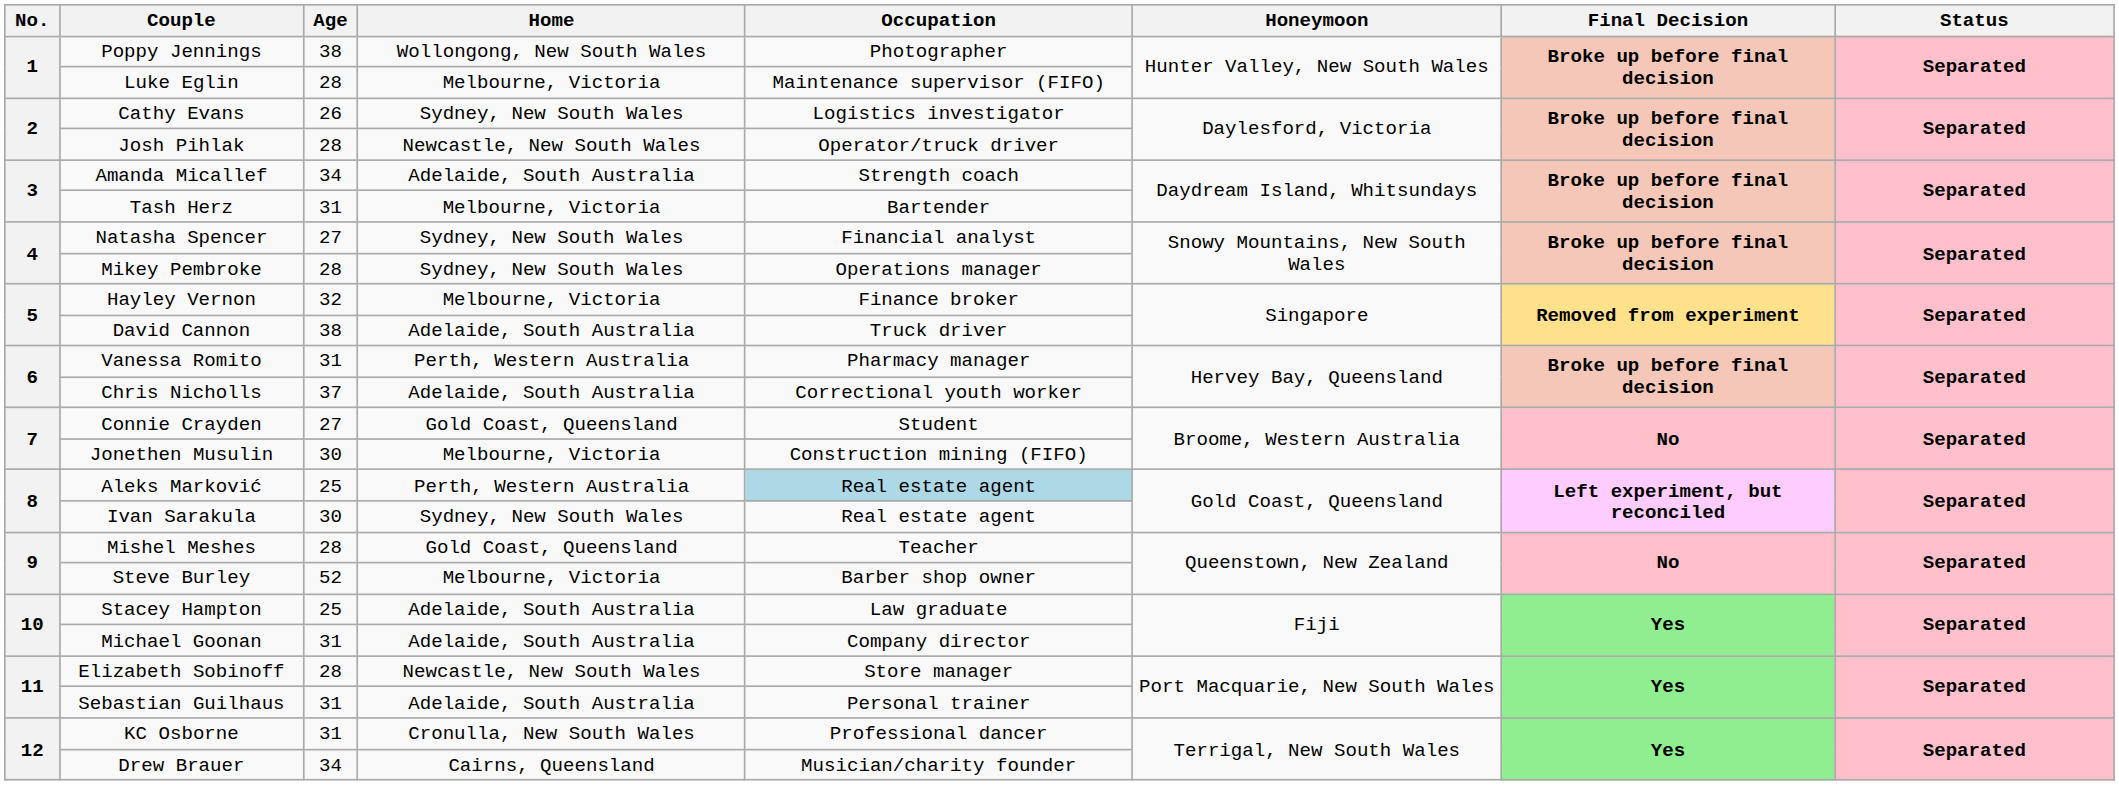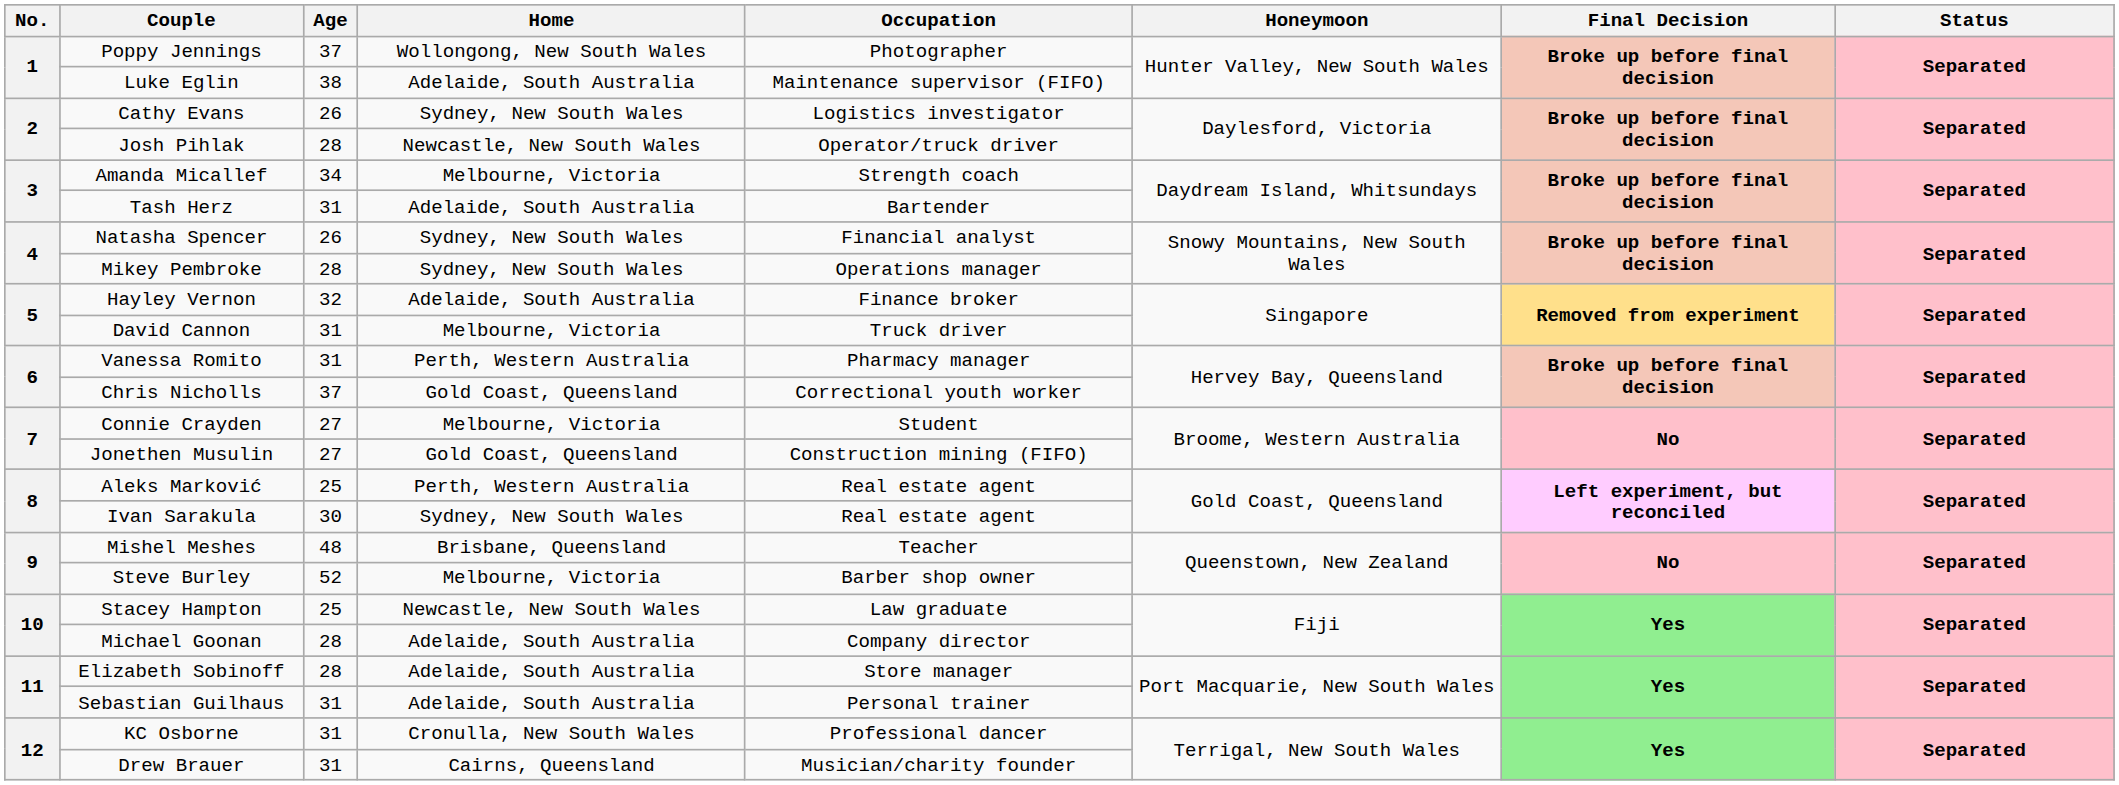 <table class="wikitable plainrowheaders" style="text-align:center; width:100%; font-size:88%;">
 <tr>
 <th width=25>No.</th>
 <th width=130>Couple</th>
 <th width=25>Age</th>
 <th width=210>Home</th>
 <th width=210>Occupation</th>
 <th width=200>Honeymoon</th>
 <th width=180>Final Decision</th>
 <th width=150>Status</th>
 </tr>
 <tr>
 <th rowspan="2">1</th>
 <td>Poppy Jennings</td>
-<td>38</td>
+<td>37</td>
 <td>Wollongong, New South Wales</td>
 <td>Photographer</td>
 <td rowspan="2">Hunter Valley, New South Wales</td>
 <th rowspan="2" style="background:#f4c7b8;">Broke up before final decision</th>
 <th rowspan="2" style="background:pink;">Separated</th>
 </tr>
 <tr>
 <td>Luke Eglin</td>
-<td>28</td>
-<td>Melbourne, Victoria</td>
+<td>38</td>
+<td>Adelaide, South Australia</td>
 <td>Maintenance supervisor (FIFO)</td>
 </tr>
 <tr>
 <th rowspan="2">2</th>
 <td>Cathy Evans</td>
 <td>26</td>
 <td>Sydney, New South Wales</td>
 <td>Logistics investigator</td>
 <td rowspan="2">Daylesford, Victoria</td>
 <th rowspan="2" style="background:#f4c7b8;">Broke up before final decision</th>
 <th rowspan="2" style="background:pink;">Separated</th>
 </tr>
 <tr>
 <td>Josh Pihlak</td>
 <td>28</td>
 <td>Newcastle, New South Wales</td>
 <td>Operator/truck driver</td>
 </tr>
 <tr>
 <th rowspan="2">3</th>
 <td>Amanda Micallef</td>
 <td>34</td>
-<td>Adelaide, South Australia</td>
+<td>Melbourne, Victoria</td>
 <td>Strength coach</td>
 <td rowspan="2">Daydream Island, Whitsundays</td>
 <th rowspan="2" style="background:#f4c7b8;">Broke up before final decision</th>
 <th rowspan="2" style="background:pink;">Separated</th>
 </tr>
 <tr>
 <td>Tash Herz</td>
 <td>31</td>
-<td>Melbourne, Victoria</td>
+<td>Adelaide, South Australia</td>
 <td>Bartender</td>
 </tr>
 <tr>
 <th rowspan="2">4</th>
 <td>Natasha Spencer</td>
-<td>27</td>
+<td>26</td>
 <td>Sydney, New South Wales</td>
 <td>Financial analyst</td>
 <td rowspan="2">Snowy Mountains, New South Wales</td>
 <th rowspan="2" style="background:#f4c7b8;">Broke up before final decision</th>
 <th rowspan="2" style="background:pink;">Separated</th>
 </tr>
 <tr>
 <td>Mikey Pembroke</td>
 <td>28</td>
 <td>Sydney, New South Wales</td>
 <td>Operations manager</td>
 </tr>
 <tr>
 <th rowspan="2">5</th>
 <td>Hayley Vernon</td>
 <td>32</td>
-<td>Melbourne, Victoria</td>
+<td>Adelaide, South Australia</td>
 <td>Finance broker</td>
 <td rowspan="2">Singapore</td>
 <th rowspan="2" style="background:#ffe08b;">Removed from experiment</th>
 <th rowspan="2" style="background:pink;">Separated</th>
 </tr>
 <tr>
 <td>David Cannon</td>
-<td>38</td>
-<td>Adelaide, South Australia</td>
+<td>31</td>
+<td>Melbourne, Victoria</td>
 <td>Truck driver</td>
 </tr>
 <tr>
 <th rowspan="2">6</th>
 <td>Vanessa Romito</td>
 <td>31</td>
 <td>Perth, Western Australia</td>
 <td>Pharmacy manager</td>
 <td rowspan="2">Hervey Bay, Queensland</td>
 <th rowspan="2" style="background:#f4c7b8;">Broke up before final decision</th>
 <th rowspan="2" style="background:pink;">Separated</th>
 </tr>
 <tr>
 <td>Chris Nicholls</td>
 <td>37</td>
-<td>Adelaide, South Australia</td>
+<td>Gold Coast, Queensland</td>
 <td>Correctional youth worker</td>
 </tr>
 <tr>
 <th rowspan="2">7</th>
 <td>Connie Crayden</td>
 <td>27</td>
-<td>Gold Coast, Queensland</td>
+<td>Melbourne, Victoria</td>
 <td>Student</td>
 <td rowspan="2">Broome, Western Australia</td>
 <th rowspan="2" style="background:pink;">No</th>
 <th rowspan="2" style="background:pink;">Separated</th>
 </tr>
 <tr>
 <td>Jonethen Musulin</td>
-<td>30</td>
-<td>Melbourne, Victoria</td>
+<td>27</td>
+<td>Gold Coast, Queensland</td>
 <td>Construction mining (FIFO)</td>
 </tr>
 <tr>
 <th rowspan="2">8</th>
 <td>Aleks Marković</td>
 <td>25</td>
 <td>Perth, Western Australia</td>
-<td style="background: lightblue;">Real estate agent</td>
+<td>Real estate agent</td>
 <td rowspan="2">Gold Coast, Queensland</td>
 <th rowspan="2" style="background:#fcf;">Left experiment, but reconciled</th>
 <th rowspan="2" style="background:pink;">Separated</th>
 </tr>
 <tr>
 <td>Ivan Sarakula</td>
 <td>30</td>
 <td>Sydney, New South Wales</td>
 <td>Real estate agent</td>
 </tr>
 <tr>
 <th rowspan="2">9</th>
 <td>Mishel Meshes</td>
-<td>28</td>
-<td>Gold Coast, Queensland</td>
+<td>48</td>
+<td>Brisbane, Queensland</td>
 <td>Teacher</td>
 <td rowspan="2">Queenstown, New Zealand</td>
 <th rowspan="2" style="background:pink;">No</th>
 <th rowspan="2" style="background:pink;">Separated</th>
 </tr>
 <tr>
 <td>Steve Burley</td>
 <td>52</td>
 <td>Melbourne, Victoria</td>
 <td>Barber shop owner</td>
 </tr>
 <tr>
 <th rowspan="2">10</th>
 <td>Stacey Hampton</td>
 <td>25</td>
-<td>Adelaide, South Australia</td>
+<td>Newcastle, New South Wales</td>
 <td>Law graduate</td>
 <td rowspan="2">Fiji</td>
 <th rowspan="2" style="background:lightgreen">Yes</th>
 <th rowspan="2" style="background:pink;">Separated</th>
 </tr>
 <tr>
 <td>Michael Goonan</td>
-<td>31</td>
+<td>28</td>
 <td>Adelaide, South Australia</td>
 <td>Company director</td>
 </tr>
 <tr>
 <th rowspan="2">11</th>
 <td>Elizabeth Sobinoff</td>
 <td>28</td>
-<td>Newcastle, New South Wales</td>
+<td>Adelaide, South Australia</td>
 <td>Store manager</td>
 <td rowspan="2">Port Macquarie, New South Wales</td>
 <th rowspan="2" style="background:lightgreen">Yes</th>
 <th rowspan="2" style="background:pink;">Separated</th>
 </tr>
 <tr>
 <td>Sebastian Guilhaus</td>
 <td>31</td>
 <td>Adelaide, South Australia</td>
 <td>Personal trainer</td>
 </tr>
 <tr>
 <th rowspan="2">12</th>
 <td>KC Osborne</td>
 <td>31</td>
 <td>Cronulla, New South Wales</td>
 <td>Professional dancer</td>
 <td rowspan="2">Terrigal, New South Wales</td>
 <th rowspan="2" style="background:lightgreen">Yes</th>
 <th rowspan="2" style="background:pink;">Separated</th>
 </tr>
 <tr>
 <td>Drew Brauer</td>
-<td>34</td>
+<td>31</td>
 <td>Cairns, Queensland</td>
 <td>Musician/charity founder</td>
 </tr>
 </table>
